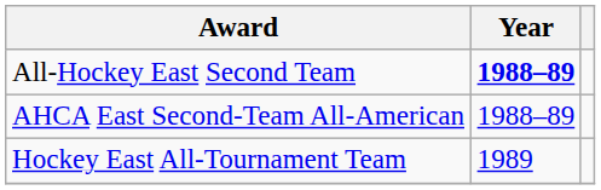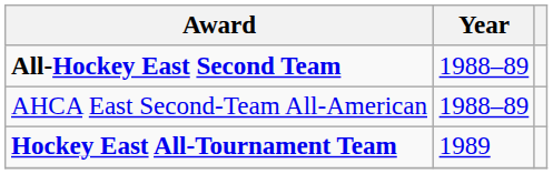 <table class="wikitable">
 <tr>
 <th>Award</th>
 <th>Year</th>
 <th></th>
 </tr>
 <tr>
-<td>All-<a href='#'>Hockey East</a> <a href='#'>Second Team</a></td>
-<td><strong><a href='#'>1988–89</a></strong></td>
+<td><strong>All-<a href='#'>Hockey East</a> <a href='#'>Second Team</a></strong></td>
+<td><a href='#'>1988–89</a></td>
 <td></td>
 </tr>
 <tr>
 <td><a href='#'>AHCA</a> <a href='#'>East Second-Team All-American</a></td>
 <td><a href='#'>1988–89</a></td>
 <td></td>
 </tr>
 <tr>
-<td><a href='#'>Hockey East</a> <a href='#'>All-Tournament Team</a></td>
+<td><strong><a href='#'>Hockey East</a> <a href='#'>All-Tournament Team</a></strong></td>
 <td><a href='#'>1989</a></td>
 <td></td>
 </tr>
 <tr>
 </tr>
 </table>
